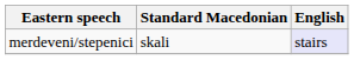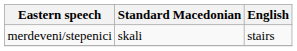 <table class="wikitable" border="1">
 <tr>
 <th>Eastern speech</th>
 <th>Standard Macedonian</th>
 <th>English</th>
 </tr>
 <tr>
 <td>merdeveni/stepenici</td>
 <td>skali</td>
-<td style="background: lavender;">stairs</td>
+<td>stairs</td>
 </tr>
 <tr>
 </tr>
 </table>
